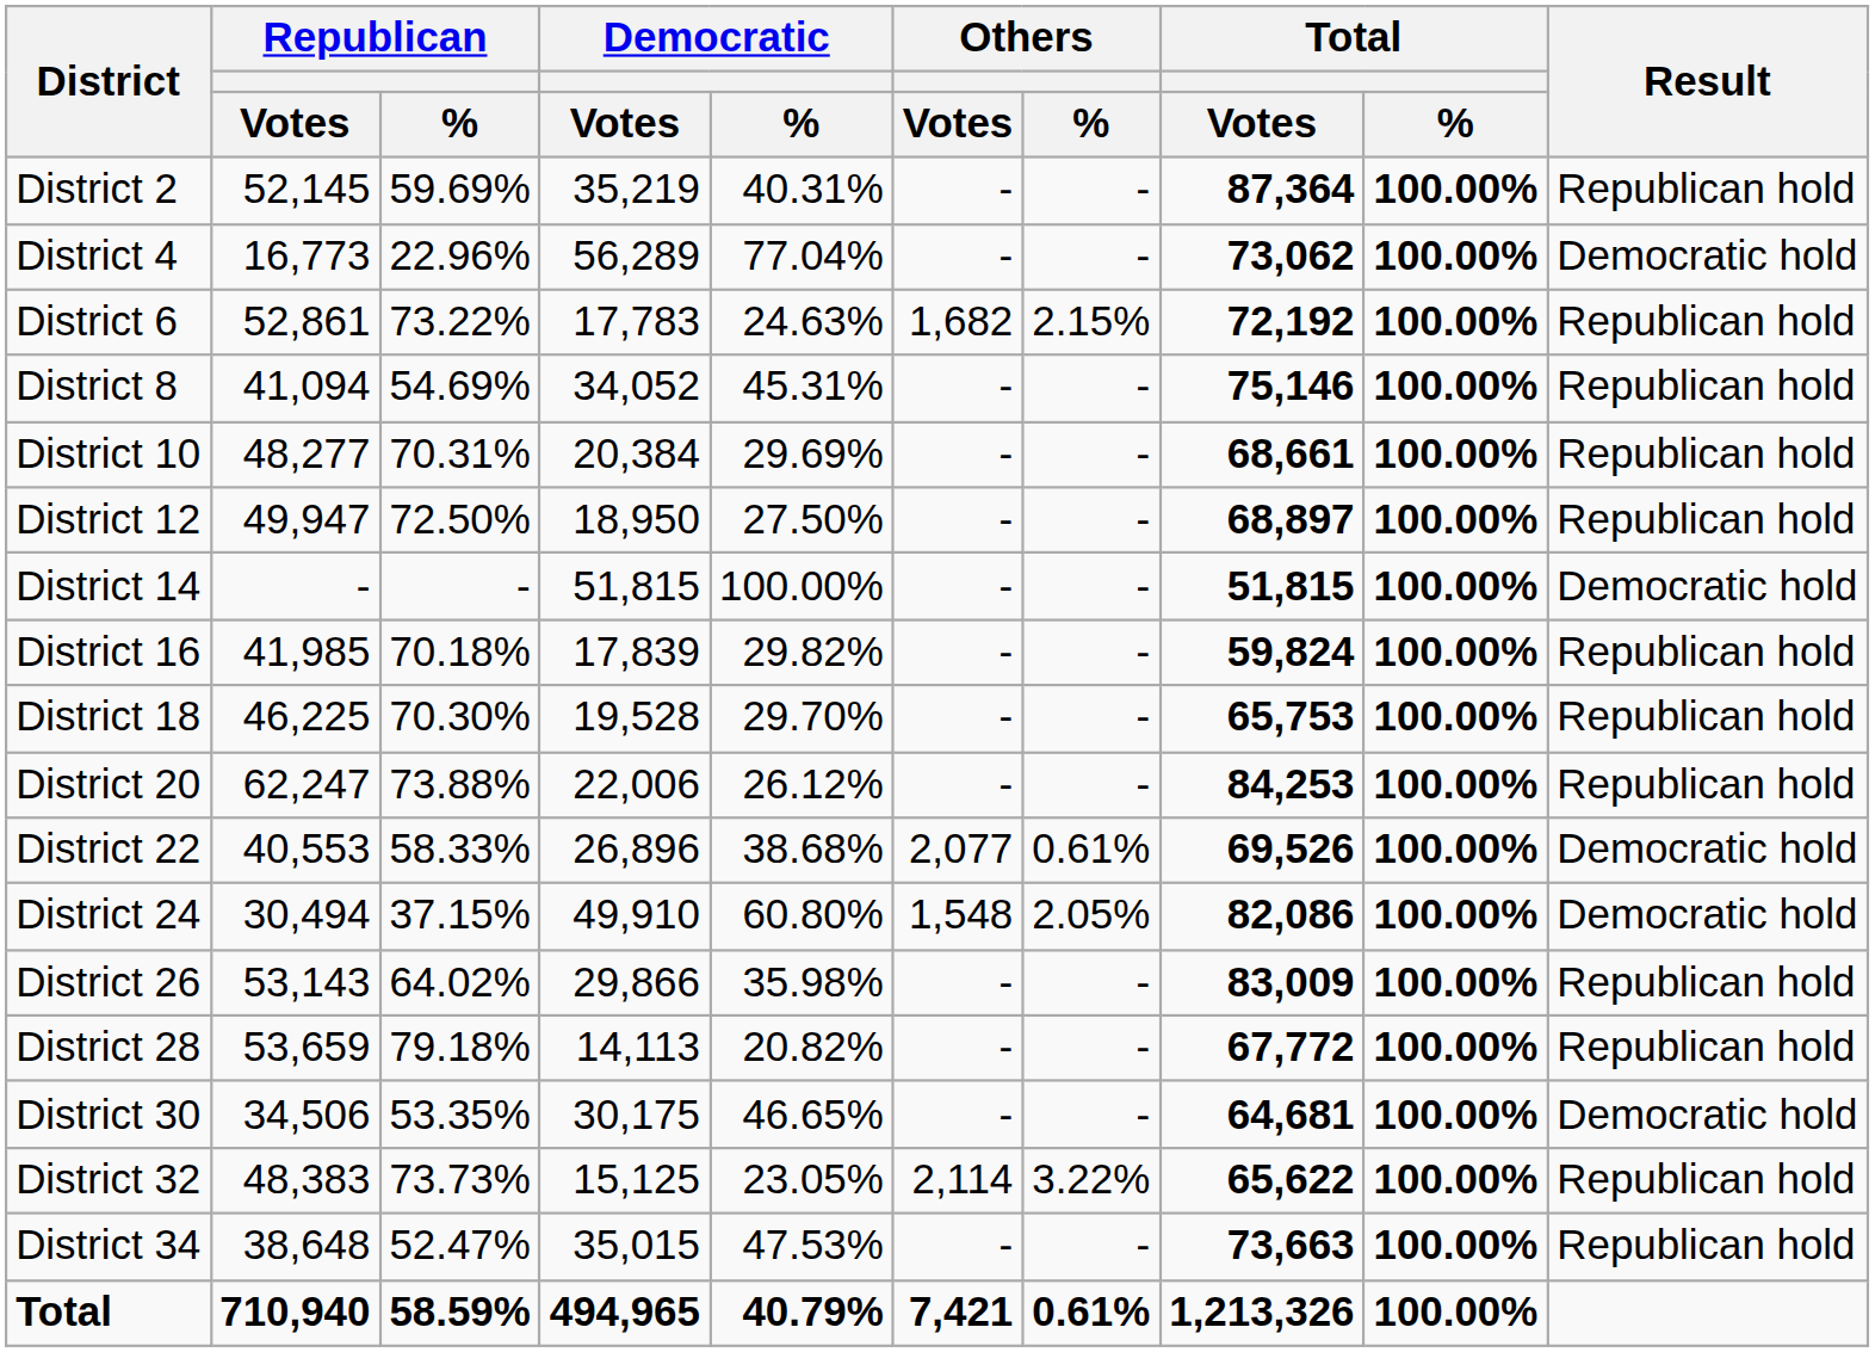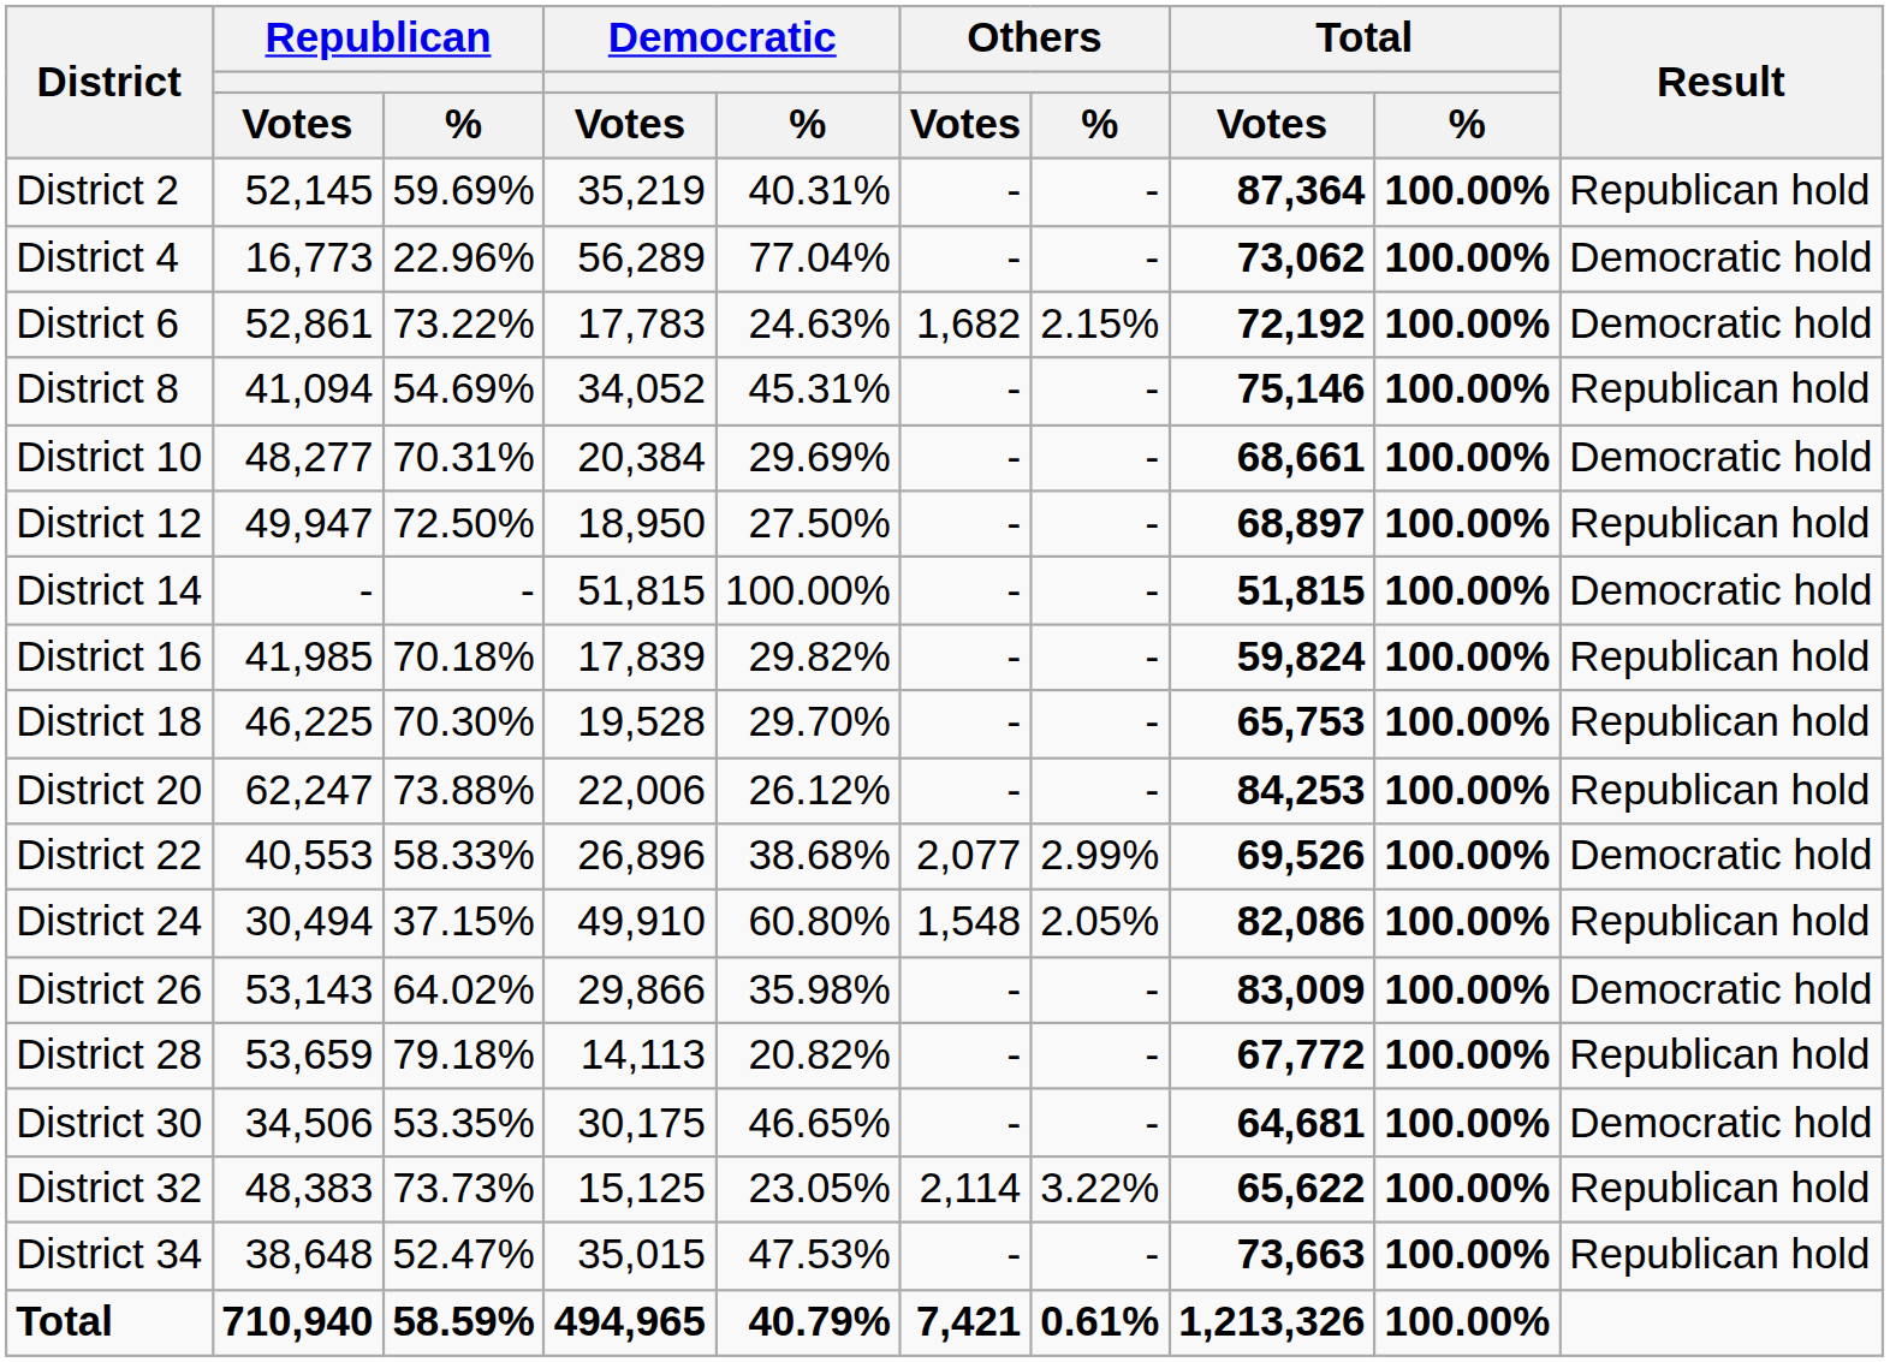 <table class="wikitable plainrowheaders sortable" style="font-size:100%; text-align:right;">
 <tr>
 <th rowspan="3" scope="col">District</th>
 <th colspan="2" scope="col"><a href='#'>Republican</a></th>
 <th colspan="2" scope="col"><a href='#'>Democratic</a></th>
 <th colspan="2" scope="col">Others</th>
 <th colspan="2" scope="col">Total</th>
 <th rowspan="3" scope="col">Result</th>
 </tr>
 <tr>
 <th colspan="2" scope="col" style="background:"></th>
 <th colspan="2" scope="col" style="background:"></th>
 <th colspan="2" scope="col"></th>
 <th colspan="2" scope="col"></th>
 </tr>
 <tr>
 <th data-sort-type="number" scope="col">Votes</th>
 <th data-sort-type="number" scope="col">%</th>
 <th data-sort-type="number" scope="col">Votes</th>
 <th data-sort-type="number" scope="col">%</th>
 <th data-sort-type="number" scope="col">Votes</th>
 <th data-sort-type="number" scope="col">%</th>
 <th data-sort-type="number" scope="col">Votes</th>
 <th data-sort-type="number" scope="col">%</th>
 </tr>
 <tr>
 <td align="left">District 2</td>
 <td>52,145</td>
 <td>59.69%</td>
 <td>35,219</td>
 <td>40.31%</td>
 <td>-</td>
 <td>-</td>
 <td><strong>87,364</strong></td>
 <td><strong>100.00%</strong></td>
 <td align="left">Republican hold</td>
 </tr>
 <tr>
 <td align="left">District 4</td>
 <td>16,773</td>
 <td>22.96%</td>
 <td>56,289</td>
 <td>77.04%</td>
 <td>-</td>
 <td>-</td>
 <td><strong>73,062</strong></td>
 <td><strong>100.00%</strong></td>
 <td align="left">Democratic hold</td>
 </tr>
 <tr>
 <td align="left">District 6</td>
 <td>52,861</td>
 <td>73.22%</td>
 <td>17,783</td>
 <td>24.63%</td>
 <td>1,682</td>
 <td>2.15%</td>
 <td><strong>72,192</strong></td>
 <td><strong>100.00%</strong></td>
-<td align="left">Republican hold</td>
+<td align="left">Democratic hold</td>
 </tr>
 <tr>
 <td align="left">District 8</td>
 <td>41,094</td>
 <td>54.69%</td>
 <td>34,052</td>
 <td>45.31%</td>
 <td>-</td>
 <td>-</td>
 <td><strong>75,146</strong></td>
 <td><strong>100.00%</strong></td>
 <td align="left">Republican hold</td>
 </tr>
 <tr>
 <td align="left">District 10</td>
 <td>48,277</td>
 <td>70.31%</td>
 <td>20,384</td>
 <td>29.69%</td>
 <td>-</td>
 <td>-</td>
 <td><strong>68,661</strong></td>
 <td><strong>100.00%</strong></td>
-<td align="left">Republican hold</td>
+<td align="left">Democratic hold</td>
 </tr>
 <tr>
 <td align="left">District 12</td>
 <td>49,947</td>
 <td>72.50%</td>
 <td>18,950</td>
 <td>27.50%</td>
 <td>-</td>
 <td>-</td>
 <td><strong>68,897</strong></td>
 <td><strong>100.00%</strong></td>
 <td align="left">Republican hold</td>
 </tr>
 <tr>
 <td align="left">District 14</td>
 <td>-</td>
 <td>-</td>
 <td>51,815</td>
 <td>100.00%</td>
 <td>-</td>
 <td>-</td>
 <td><strong>51,815</strong></td>
 <td><strong>100.00%</strong></td>
 <td align="left">Democratic hold</td>
 </tr>
 <tr>
 <td align="left">District 16</td>
 <td>41,985</td>
 <td>70.18%</td>
 <td>17,839</td>
 <td>29.82%</td>
 <td>-</td>
 <td>-</td>
 <td><strong>59,824</strong></td>
 <td><strong>100.00%</strong></td>
 <td align="left">Republican hold</td>
 </tr>
 <tr>
 <td align="left">District 18</td>
 <td>46,225</td>
 <td>70.30%</td>
 <td>19,528</td>
 <td>29.70%</td>
 <td>-</td>
 <td>-</td>
 <td><strong>65,753</strong></td>
 <td><strong>100.00%</strong></td>
 <td align="left">Republican hold</td>
 </tr>
 <tr>
 <td align="left">District 20</td>
 <td>62,247</td>
 <td>73.88%</td>
 <td>22,006</td>
 <td>26.12%</td>
 <td>-</td>
 <td>-</td>
 <td><strong>84,253</strong></td>
 <td><strong>100.00%</strong></td>
 <td align="left">Republican hold</td>
 </tr>
 <tr>
 <td align="left">District 22</td>
 <td>40,553</td>
 <td>58.33%</td>
 <td>26,896</td>
 <td>38.68%</td>
 <td>2,077</td>
-<td>0.61%</td>
+<td>2.99%</td>
 <td><strong>69,526</strong></td>
 <td><strong>100.00%</strong></td>
 <td align="left">Democratic hold</td>
 </tr>
 <tr>
 <td align="left">District 24</td>
 <td>30,494</td>
 <td>37.15%</td>
 <td>49,910</td>
 <td>60.80%</td>
 <td>1,548</td>
 <td>2.05%</td>
 <td><strong>82,086</strong></td>
 <td><strong>100.00%</strong></td>
-<td align="left">Democratic hold</td>
+<td align="left">Republican hold</td>
 </tr>
 <tr>
 <td align="left">District 26</td>
 <td>53,143</td>
 <td>64.02%</td>
 <td>29,866</td>
 <td>35.98%</td>
 <td>-</td>
 <td>-</td>
 <td><strong>83,009</strong></td>
 <td><strong>100.00%</strong></td>
-<td align="left">Republican hold</td>
+<td align="left">Democratic hold</td>
 </tr>
 <tr>
 <td align="left">District 28</td>
 <td>53,659</td>
 <td>79.18%</td>
 <td>14,113</td>
 <td>20.82%</td>
 <td>-</td>
 <td>-</td>
 <td><strong>67,772</strong></td>
 <td><strong>100.00%</strong></td>
 <td align="left">Republican hold</td>
 </tr>
 <tr>
 <td align="left">District 30</td>
 <td>34,506</td>
 <td>53.35%</td>
 <td>30,175</td>
 <td>46.65%</td>
 <td>-</td>
 <td>-</td>
 <td><strong>64,681</strong></td>
 <td><strong>100.00%</strong></td>
 <td align="left">Democratic hold</td>
 </tr>
 <tr>
 <td align="left">District 32</td>
 <td>48,383</td>
 <td>73.73%</td>
 <td>15,125</td>
 <td>23.05%</td>
 <td>2,114</td>
 <td>3.22%</td>
 <td><strong>65,622</strong></td>
 <td><strong>100.00%</strong></td>
 <td align="left">Republican hold</td>
 </tr>
 <tr>
 <td align="left">District 34</td>
 <td>38,648</td>
 <td>52.47%</td>
 <td>35,015</td>
 <td>47.53%</td>
 <td>-</td>
 <td>-</td>
 <td><strong>73,663</strong></td>
 <td><strong>100.00%</strong></td>
 <td align="left">Republican hold</td>
 </tr>
 <tr class="sortbottom" style="font-weight:bold">
 <td align="left">Total</td>
 <td>710,940</td>
 <td>58.59%</td>
 <td>494,965</td>
 <td>40.79%</td>
 <td>7,421</td>
 <td>0.61%</td>
 <td>1,213,326</td>
 <td>100.00%</td>
 <td></td>
 </tr>
 </table>
